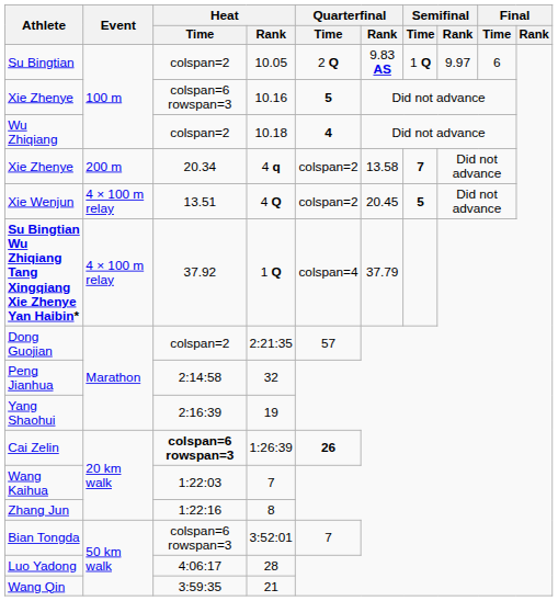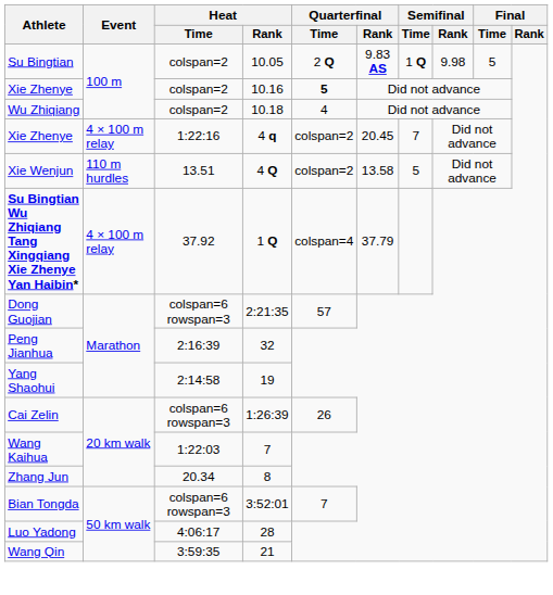 <table class=wikitable style=font-size:90%;text-align:center>
 <tr>
 <th rowspan=2>Athlete</th>
 <th rowspan=2>Event</th>
 <th colspan=2>Heat</th>
 <th colspan=2>Quarterfinal</th>
 <th colspan=2>Semifinal</th>
 <th colspan=2>Final</th>
 </tr>
 <tr style=font-size:95%>
 <th>Time</th>
 <th>Rank</th>
 <th>Time</th>
 <th>Rank</th>
 <th>Time</th>
 <th>Rank</th>
 <th>Time</th>
 <th>Rank</th>
 </tr>
 <tr>
 <td align=left><a href='#'>Su Bingtian</a></td>
 <td align=left rowspan=3><a href='#'>100 m</a></td>
 <td>colspan=2 </td>
 <td>10.05</td>
 <td>2 <strong>Q</strong></td>
 <td>9.83<strong> <a href='#'>AS</a></strong></td>
 <td>1 <strong>Q</strong></td>
-<td>9.97</td>
-<td>6</td>
+<td>9.98</td>
+<td>5</td>
 </tr>
 <tr>
 <td align=left><a href='#'>Xie Zhenye</a></td>
-<td>colspan=6 rowspan=3 </td>
+<td>colspan=2 </td>
 <td>10.16</td>
 <td><strong>5</strong></td>
 <td colspan=4>Did not advance</td>
 </tr>
 <tr>
 <td align=left><a href='#'>Wu Zhiqiang</a></td>
 <td>colspan=2 </td>
 <td>10.18</td>
-<td><strong>4</strong></td>
+<td>4</td>
 <td colspan=4>Did not advance</td>
 </tr>
 <tr>
 <td align=left><a href='#'>Xie Zhenye</a></td>
-<td align=left><a href='#'>200 m</a></td>
-<td>20.34</td>
+<td align=left><a href='#'>4 × 100 m relay</a></td>
+<td>1:22:16</td>
 <td>4 <strong>q</strong></td>
 <td>colspan=2 </td>
-<td>13.58</td>
-<td><strong>7</strong></td>
+<td>20.45</td>
+<td>7</td>
 <td colspan=2>Did not advance</td>
 </tr>
 <tr>
 <td align=left><a href='#'>Xie Wenjun</a></td>
-<td align=left><a href='#'>4 × 100 m relay</a></td>
+<td align=left><a href='#'>110 m hurdles</a></td>
 <td>13.51</td>
 <td>4 <strong>Q</strong></td>
 <td>colspan=2 </td>
-<td>20.45</td>
-<td><strong>5</strong></td>
+<td>13.58</td>
+<td>5</td>
 <td colspan=2>Did not advance</td>
 </tr>
 <tr>
 <td align=left><strong><a href='#'>Su Bingtian</a><br><a href='#'>Wu Zhiqiang</a><br><a href='#'>Tang Xingqiang</a><br><a href='#'>Xie Zhenye</a><br><a href='#'>Yan Haibin</a>*</strong></td>
 <td align=left><a href='#'>4 × 100 m relay</a></td>
 <td>37.92</td>
 <td>1 <strong>Q</strong></td>
 <td>colspan=4 </td>
 <td>37.79</td>
 <td></td>
 </tr>
 <tr>
 <td align=left><a href='#'>Dong Guojian</a></td>
 <td align=left rowspan=3><a href='#'>Marathon</a></td>
-<td>colspan=2 </td>
+<td>colspan=6 rowspan=3 </td>
 <td>2:21:35</td>
 <td>57</td>
 </tr>
 <tr>
 <td align=left><a href='#'>Peng Jianhua</a></td>
-<td>2:14:58</td>
+<td>2:16:39</td>
 <td>32</td>
 </tr>
 <tr>
 <td align=left><a href='#'>Yang Shaohui</a></td>
-<td>2:16:39</td>
+<td>2:14:58</td>
 <td>19</td>
 </tr>
 <tr>
 <td align=left><a href='#'>Cai Zelin</a></td>
 <td align=left rowspan=3><a href='#'>20 km walk</a></td>
-<td><strong>colspan=6 rowspan=3 </strong></td>
+<td>colspan=6 rowspan=3 </td>
 <td>1:26:39</td>
-<td><strong>26</strong></td>
+<td>26</td>
 </tr>
 <tr>
 <td align=left><a href='#'>Wang Kaihua</a></td>
 <td>1:22:03</td>
 <td>7</td>
 </tr>
 <tr>
 <td align=left><a href='#'>Zhang Jun</a></td>
-<td>1:22:16</td>
+<td>20.34</td>
 <td>8</td>
 </tr>
 <tr>
 <td align=left><a href='#'>Bian Tongda</a></td>
 <td align=left rowspan=3><a href='#'>50 km walk</a></td>
 <td>colspan=6 rowspan=3 </td>
 <td>3:52:01</td>
 <td>7</td>
 </tr>
 <tr>
 <td align=left><a href='#'>Luo Yadong</a></td>
 <td>4:06:17</td>
 <td>28</td>
 </tr>
 <tr>
 <td align=left><a href='#'>Wang Qin</a></td>
 <td>3:59:35</td>
 <td>21</td>
 </tr>
 </table>
